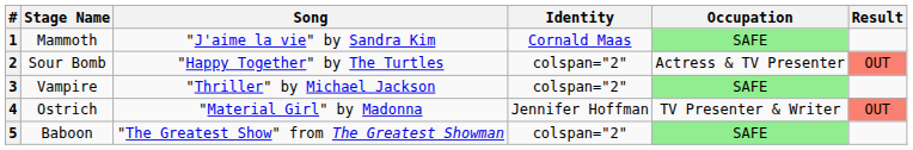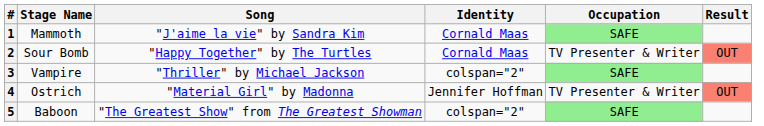 <table class="wikitable plainrowheaders" style="text-align: center;">
 <tr>
 <th><strong>#</strong></th>
 <th><strong>Stage Name</strong></th>
 <th><strong>Song</strong></th>
 <th>Identity</th>
 <th><strong>Occupation</strong></th>
 <th>Result</th>
 </tr>
 <tr>
 <th>1</th>
 <td>Mammoth</td>
 <td>"<a href='#'>J'aime la vie</a>" by <a href='#'>Sandra Kim</a></td>
 <td><a href='#'>Cornald Maas</a></td>
 <td bgcolor="lightgreen">SAFE</td>
 </tr>
 <tr>
 <th>2</th>
 <td>Sour Bomb</td>
 <td>"<a href='#'>Happy Together</a>" by <a href='#'>The Turtles</a></td>
-<td>colspan="2" </td>
-<td>Actress & TV Presenter</td>
+<td><a href='#'>Cornald Maas</a></td>
+<td>TV Presenter & Writer</td>
 <td bgcolor=salmon>OUT</td>
 </tr>
 <tr>
 <th>3</th>
 <td>Vampire</td>
 <td>"<a href='#'>Thriller</a>" by <a href='#'>Michael Jackson</a></td>
 <td>colspan="2" </td>
 <td bgcolor="lightgreen">SAFE</td>
 </tr>
 <tr>
 <th>4</th>
 <td>Ostrich</td>
 <td>"<a href='#'>Material Girl</a>" by <a href='#'>Madonna</a></td>
 <td>Jennifer Hoffman</td>
 <td>TV Presenter & Writer</td>
 <td bgcolor=salmon>OUT</td>
 </tr>
 <tr>
 <th>5</th>
 <td>Baboon</td>
 <td>"<a href='#'>The Greatest Show</a>" from <em><a href='#'>The Greatest Showman</a></em></td>
 <td>colspan="2" </td>
 <td bgcolor="lightgreen">SAFE</td>
 </tr>
 </table>
